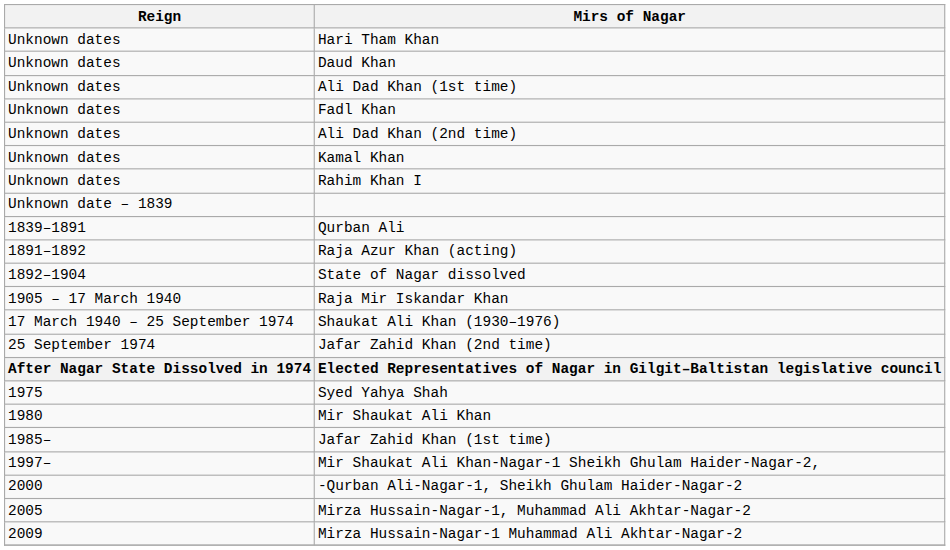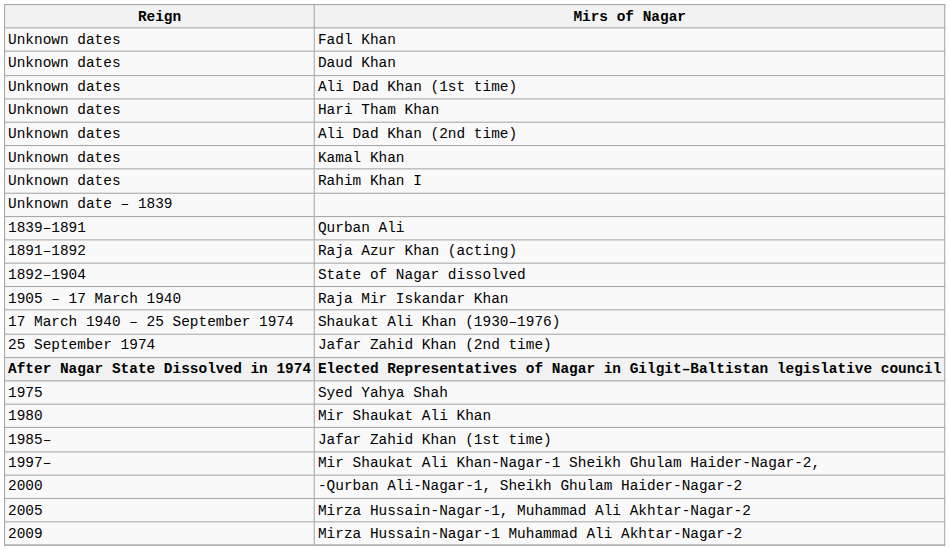 <table class="wikitable">
 <tr>
 <th>Reign</th>
 <th>Mirs of Nagar</th>
 </tr>
 <tr>
 <td>Unknown dates</td>
-<td>Hari Tham Khan</td>
+<td>Fadl Khan</td>
 </tr>
 <tr>
 <td>Unknown dates</td>
 <td>Daud Khan</td>
 </tr>
 <tr>
 <td>Unknown dates</td>
 <td>Ali Dad Khan (1st time)</td>
 </tr>
 <tr>
 <td>Unknown dates</td>
-<td>Fadl Khan</td>
+<td>Hari Tham Khan</td>
 </tr>
 <tr>
 <td>Unknown dates</td>
 <td>Ali Dad Khan (2nd time)</td>
 </tr>
 <tr>
 <td>Unknown dates</td>
 <td>Kamal Khan</td>
 </tr>
 <tr>
 <td>Unknown dates</td>
 <td>Rahim Khan I</td>
 </tr>
 <tr>
 <td>Unknown date – 1839</td>
 <td></td>
 </tr>
 <tr>
 <td>1839–1891</td>
 <td>Qurban Ali</td>
 </tr>
 <tr>
 <td>1891–1892</td>
 <td>Raja Azur Khan (acting)</td>
 </tr>
 <tr>
 <td>1892–1904</td>
 <td>State of Nagar dissolved</td>
 </tr>
 <tr>
 <td>1905 – 17 March 1940</td>
 <td>Raja Mir Iskandar Khan</td>
 </tr>
 <tr>
 <td>17 March 1940 – 25 September 1974</td>
 <td>Shaukat Ali Khan (1930–1976)</td>
 </tr>
 <tr>
 <td>25 September 1974</td>
 <td>Jafar Zahid Khan (2nd time)</td>
 </tr>
 <tr>
 <th>After Nagar State Dissolved in 1974</th>
 <th>Elected Representatives of Nagar in Gilgit–Baltistan legislative council</th>
 </tr>
 <tr>
 <td>1975</td>
 <td>Syed Yahya Shah</td>
 </tr>
 <tr>
 <td>1980</td>
 <td>Mir Shaukat Ali Khan</td>
 </tr>
 <tr>
 <td>1985–</td>
 <td>Jafar Zahid Khan (1st time)</td>
 </tr>
 <tr>
 <td>1997–</td>
 <td>Mir Shaukat Ali Khan-Nagar-1 Sheikh Ghulam Haider-Nagar-2,</td>
 </tr>
 <tr>
 <td>2000</td>
 <td>-Qurban Ali-Nagar-1, Sheikh Ghulam Haider-Nagar-2</td>
 </tr>
 <tr>
 <td>2005</td>
 <td>Mirza Hussain-Nagar-1, Muhammad Ali Akhtar-Nagar-2</td>
 </tr>
 <tr>
 <td>2009</td>
 <td>Mirza Hussain-Nagar-1 Muhammad Ali Akhtar-Nagar-2</td>
 </tr>
 <tr>
 </tr>
 </table>
